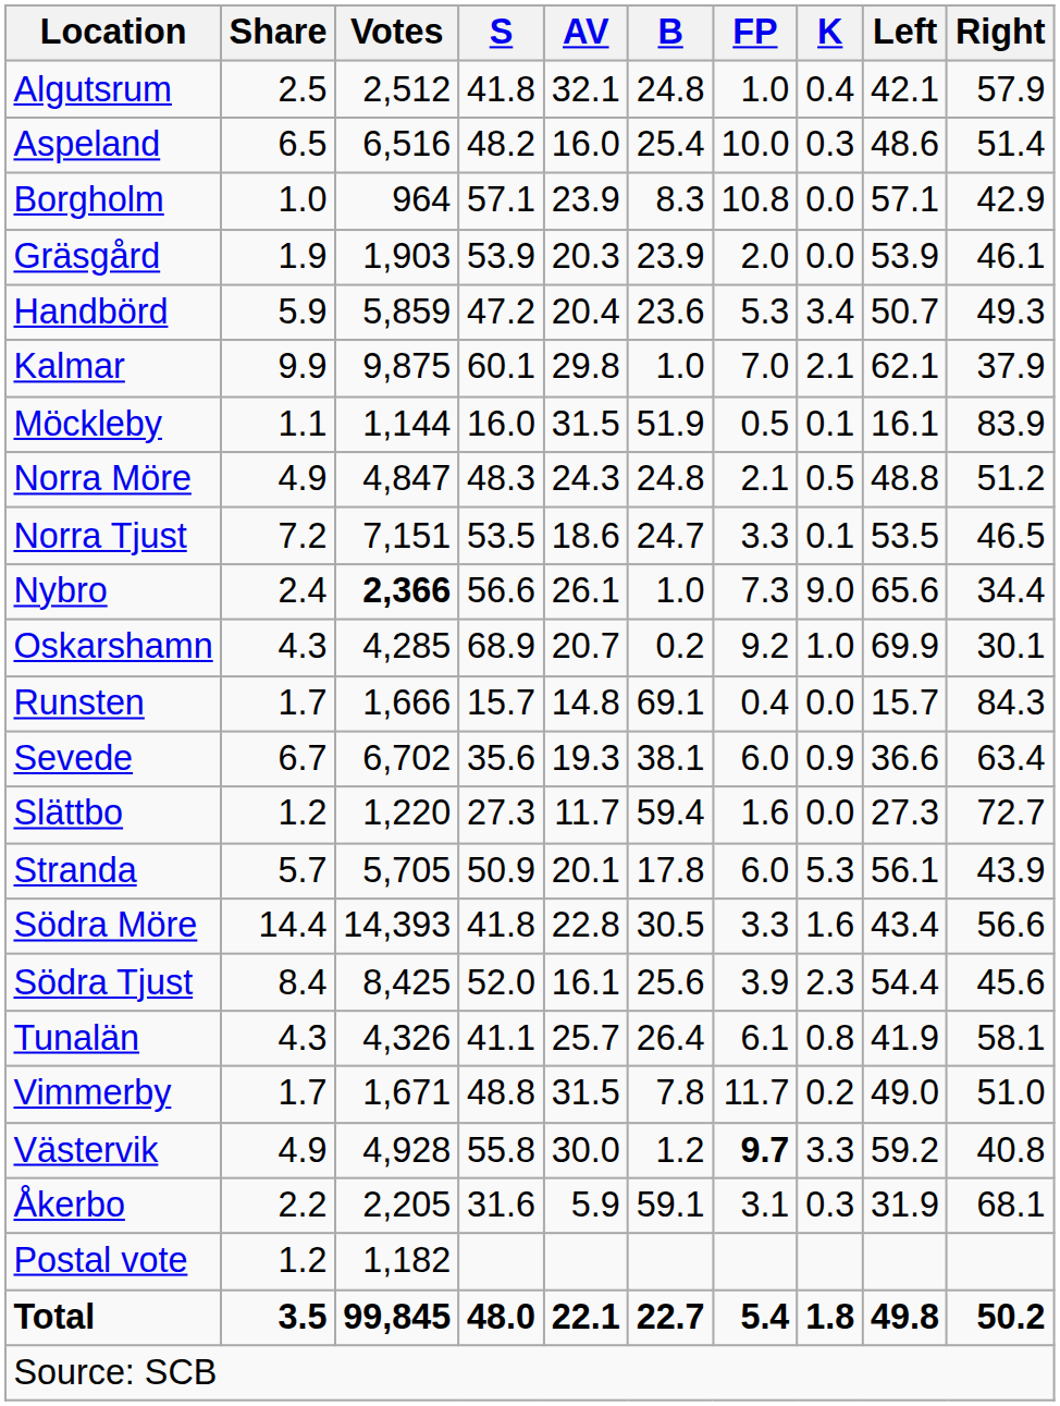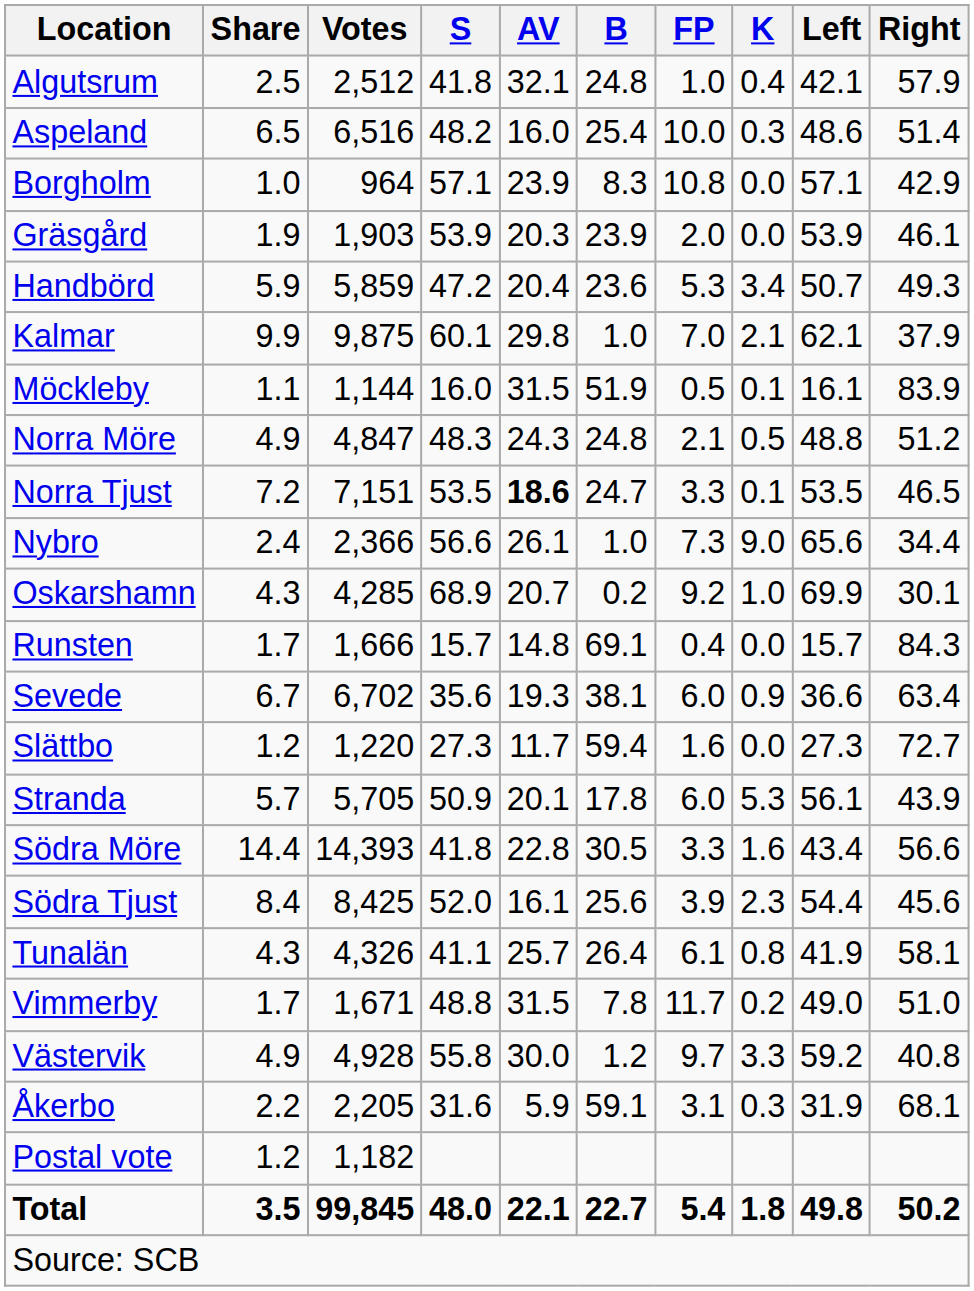 <table class="wikitable sortable" style=text-align:right>
 <tr>
 <th>Location</th>
 <th>Share</th>
 <th>Votes</th>
 <th><a href='#'>S</a></th>
 <th><a href='#'>AV</a></th>
 <th><a href='#'>B</a></th>
 <th><a href='#'>FP</a></th>
 <th><a href='#'>K</a></th>
 <th>Left</th>
 <th>Right</th>
 </tr>
 <tr>
 <td align=left><a href='#'>Algutsrum</a></td>
 <td>2.5</td>
 <td>2,512</td>
 <td>41.8</td>
 <td>32.1</td>
 <td>24.8</td>
 <td>1.0</td>
 <td>0.4</td>
 <td>42.1</td>
 <td>57.9</td>
 </tr>
 <tr>
 <td align=left><a href='#'>Aspeland</a></td>
 <td>6.5</td>
 <td>6,516</td>
 <td>48.2</td>
 <td>16.0</td>
 <td>25.4</td>
 <td>10.0</td>
 <td>0.3</td>
 <td>48.6</td>
 <td>51.4</td>
 </tr>
 <tr>
 <td align=left><a href='#'>Borgholm</a></td>
 <td>1.0</td>
 <td>964</td>
 <td>57.1</td>
 <td>23.9</td>
 <td>8.3</td>
 <td>10.8</td>
 <td>0.0</td>
 <td>57.1</td>
 <td>42.9</td>
 </tr>
 <tr>
 <td align=left><a href='#'>Gräsgård</a></td>
 <td>1.9</td>
 <td>1,903</td>
 <td>53.9</td>
 <td>20.3</td>
 <td>23.9</td>
 <td>2.0</td>
 <td>0.0</td>
 <td>53.9</td>
 <td>46.1</td>
 </tr>
 <tr>
 <td align=left><a href='#'>Handbörd</a></td>
 <td>5.9</td>
 <td>5,859</td>
 <td>47.2</td>
 <td>20.4</td>
 <td>23.6</td>
 <td>5.3</td>
 <td>3.4</td>
 <td>50.7</td>
 <td>49.3</td>
 </tr>
 <tr>
 <td align=left><a href='#'>Kalmar</a></td>
 <td>9.9</td>
 <td>9,875</td>
 <td>60.1</td>
 <td>29.8</td>
 <td>1.0</td>
 <td>7.0</td>
 <td>2.1</td>
 <td>62.1</td>
 <td>37.9</td>
 </tr>
 <tr>
 <td align=left><a href='#'>Möckleby</a></td>
 <td>1.1</td>
 <td>1,144</td>
 <td>16.0</td>
 <td>31.5</td>
 <td>51.9</td>
 <td>0.5</td>
 <td>0.1</td>
 <td>16.1</td>
 <td>83.9</td>
 </tr>
 <tr>
 <td align=left><a href='#'>Norra Möre</a></td>
 <td>4.9</td>
 <td>4,847</td>
 <td>48.3</td>
 <td>24.3</td>
 <td>24.8</td>
 <td>2.1</td>
 <td>0.5</td>
 <td>48.8</td>
 <td>51.2</td>
 </tr>
 <tr>
 <td align=left><a href='#'>Norra Tjust</a></td>
 <td>7.2</td>
 <td>7,151</td>
 <td>53.5</td>
-<td>18.6</td>
+<td><strong>18.6</strong></td>
 <td>24.7</td>
 <td>3.3</td>
 <td>0.1</td>
 <td>53.5</td>
 <td>46.5</td>
 </tr>
 <tr>
 <td align=left><a href='#'>Nybro</a></td>
 <td>2.4</td>
-<td><strong>2,366</strong></td>
+<td>2,366</td>
 <td>56.6</td>
 <td>26.1</td>
 <td>1.0</td>
 <td>7.3</td>
 <td>9.0</td>
 <td>65.6</td>
 <td>34.4</td>
 </tr>
 <tr>
 <td align=left><a href='#'>Oskarshamn</a></td>
 <td>4.3</td>
 <td>4,285</td>
 <td>68.9</td>
 <td>20.7</td>
 <td>0.2</td>
 <td>9.2</td>
 <td>1.0</td>
 <td>69.9</td>
 <td>30.1</td>
 </tr>
 <tr>
 <td align=left><a href='#'>Runsten</a></td>
 <td>1.7</td>
 <td>1,666</td>
 <td>15.7</td>
 <td>14.8</td>
 <td>69.1</td>
 <td>0.4</td>
 <td>0.0</td>
 <td>15.7</td>
 <td>84.3</td>
 </tr>
 <tr>
 <td align=left><a href='#'>Sevede</a></td>
 <td>6.7</td>
 <td>6,702</td>
 <td>35.6</td>
 <td>19.3</td>
 <td>38.1</td>
 <td>6.0</td>
 <td>0.9</td>
 <td>36.6</td>
 <td>63.4</td>
 </tr>
 <tr>
 <td align=left><a href='#'>Slättbo</a></td>
 <td>1.2</td>
 <td>1,220</td>
 <td>27.3</td>
 <td>11.7</td>
 <td>59.4</td>
 <td>1.6</td>
 <td>0.0</td>
 <td>27.3</td>
 <td>72.7</td>
 </tr>
 <tr>
 <td align=left><a href='#'>Stranda</a></td>
 <td>5.7</td>
 <td>5,705</td>
 <td>50.9</td>
 <td>20.1</td>
 <td>17.8</td>
 <td>6.0</td>
 <td>5.3</td>
 <td>56.1</td>
 <td>43.9</td>
 </tr>
 <tr>
 <td align=left><a href='#'>Södra Möre</a></td>
 <td>14.4</td>
 <td>14,393</td>
 <td>41.8</td>
 <td>22.8</td>
 <td>30.5</td>
 <td>3.3</td>
 <td>1.6</td>
 <td>43.4</td>
 <td>56.6</td>
 </tr>
 <tr>
 <td align=left><a href='#'>Södra Tjust</a></td>
 <td>8.4</td>
 <td>8,425</td>
 <td>52.0</td>
 <td>16.1</td>
 <td>25.6</td>
 <td>3.9</td>
 <td>2.3</td>
 <td>54.4</td>
 <td>45.6</td>
 </tr>
 <tr>
 <td align=left><a href='#'>Tunalän</a></td>
 <td>4.3</td>
 <td>4,326</td>
 <td>41.1</td>
 <td>25.7</td>
 <td>26.4</td>
 <td>6.1</td>
 <td>0.8</td>
 <td>41.9</td>
 <td>58.1</td>
 </tr>
 <tr>
 <td align=left><a href='#'>Vimmerby</a></td>
 <td>1.7</td>
 <td>1,671</td>
 <td>48.8</td>
 <td>31.5</td>
 <td>7.8</td>
 <td>11.7</td>
 <td>0.2</td>
 <td>49.0</td>
 <td>51.0</td>
 </tr>
 <tr>
 <td align=left><a href='#'>Västervik</a></td>
 <td>4.9</td>
 <td>4,928</td>
 <td>55.8</td>
 <td>30.0</td>
 <td>1.2</td>
-<td><strong>9.7</strong></td>
+<td>9.7</td>
 <td>3.3</td>
 <td>59.2</td>
 <td>40.8</td>
 </tr>
 <tr>
 <td align=left><a href='#'>Åkerbo</a></td>
 <td>2.2</td>
 <td>2,205</td>
 <td>31.6</td>
 <td>5.9</td>
 <td>59.1</td>
 <td>3.1</td>
 <td>0.3</td>
 <td>31.9</td>
 <td>68.1</td>
 </tr>
 <tr>
 <td align=left><a href='#'>Postal vote</a></td>
 <td>1.2</td>
 <td>1,182</td>
 <td></td>
 <td></td>
 <td></td>
 <td></td>
 <td></td>
 <td></td>
 <td></td>
 </tr>
 <tr>
 <td align=left><strong>Total</strong></td>
 <td><strong>3.5</strong></td>
 <td><strong>99,845</strong></td>
 <td><strong>48.0</strong></td>
 <td><strong>22.1</strong></td>
 <td><strong>22.7</strong></td>
 <td><strong>5.4</strong></td>
 <td><strong>1.8</strong></td>
 <td><strong>49.8</strong></td>
 <td><strong>50.2</strong></td>
 </tr>
 <tr>
 <td align=left colspan=10>Source: SCB </td>
 </tr>
 </table>
